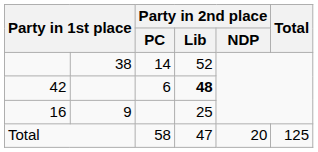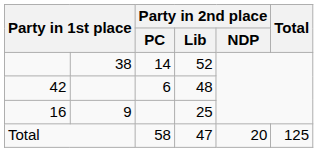 <table class="wikitable" style="text-align:right;">
 <tr>
 <th rowspan="2" colspan="2" style="text-align:left;">Party in 1st place</th>
 <th colspan="3">Party in 2nd place</th>
 <th rowspan="2">Total</th>
 </tr>
 <tr>
 <th>PC</th>
 <th>Lib</th>
 <th>NDP</th>
 </tr>
 <tr>
 <td></td>
 <td>38</td>
 <td>14</td>
 <td>52</td>
 </tr>
 <tr>
 <td>42</td>
 <td></td>
 <td>6</td>
-<td><strong>48</strong></td>
+<td>48</td>
 </tr>
 <tr>
 <td>16</td>
 <td>9</td>
 <td></td>
 <td>25</td>
 </tr>
 <tr>
 <td colspan="2" style="text-align:left;">Total</td>
 <td>58</td>
 <td>47</td>
 <td>20</td>
 <td>125</td>
 </tr>
 </table>
